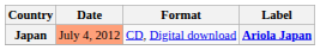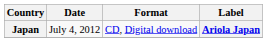 <table class="wikitable plainrowheaders">
 <tr>
 <th scope="col">Country</th>
 <th>Date</th>
 <th>Format</th>
 <th>Label</th>
 </tr>
 <tr>
 <th scope="row">Japan</th>
-<td style="background: lightsalmon;">July 4, 2012</td>
+<td>July 4, 2012</td>
 <td><a href='#'>CD</a>, <a href='#'>Digital download</a></td>
 <th scope="row"><a href='#'>Ariola Japan</a></th>
 </tr>
 <tr>
 </tr>
 </table>
